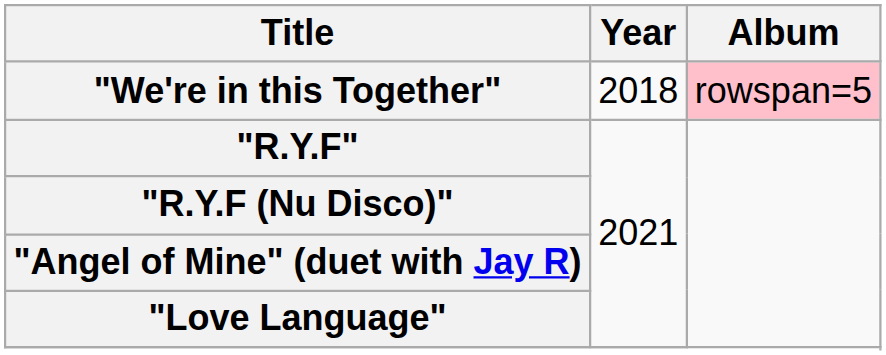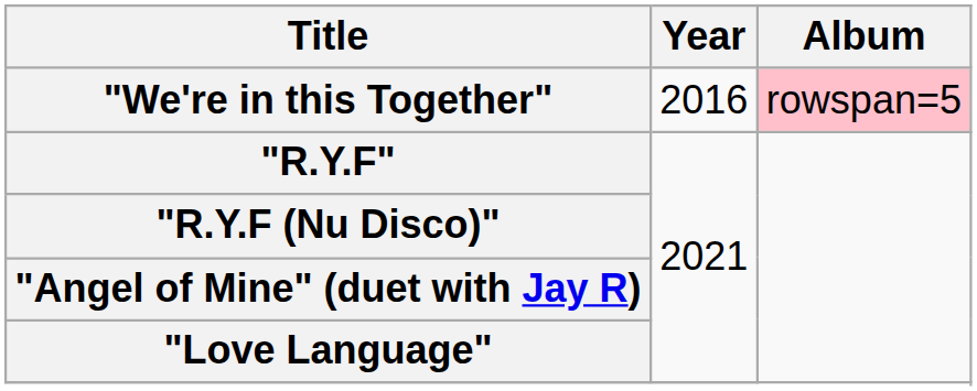 <table class="wikitable plainrowheaders" style="text-align:center;">
 <tr>
 <th scope="col" rowspan="1">Title</th>
 <th scope="col" rowspan="1" style="width:1em;">Year</th>
 <th scope="col" rowspan="1">Album</th>
 </tr>
 <tr>
 <th scope="row">"We're in this Together"</th>
-<td rowspan=1>2018</td>
+<td rowspan=1>2016</td>
 <td style="background: pink;">rowspan=5 </td>
 </tr>
 <tr>
 <th scope="row">"R.Y.F"</th>
 <td rowspan=4>2021</td>
 </tr>
 <tr>
 <th scope="row">"R.Y.F (Nu Disco)"</th>
 </tr>
 <tr>
 <th scope="row">"Angel of Mine" (duet with <a href='#'>Jay R</a>)</th>
 </tr>
 <tr>
 <th scope="row">"Love Language"</th>
 </tr>
 <tr>
 </tr>
 </table>
